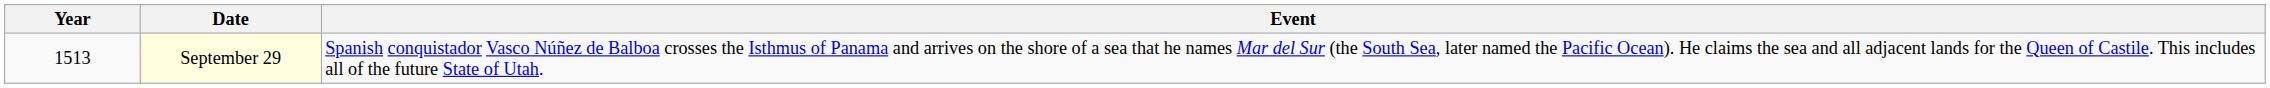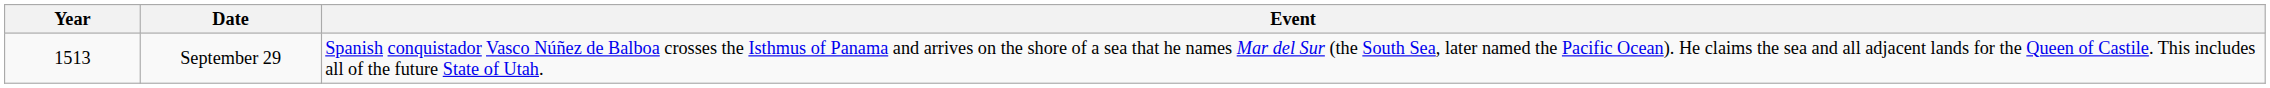 <table class="wikitable" style="width:100%;">
 <tr>
 <th style="width:6%">Year</th>
 <th style="width:8%">Date</th>
 <th style="width:86%">Event</th>
 </tr>
 <tr>
 <td align=center>1513</td>
-<td align=center style="background: lightyellow;">September 29</td>
+<td align=center>September 29</td>
 <td><a href='#'>Spanish</a> <a href='#'>conquistador</a> <a href='#'>Vasco Núñez de Balboa</a> crosses the <a href='#'>Isthmus of Panama</a> and arrives on the shore of a sea that he names <em><a href='#'>Mar del Sur</a></em> (the <a href='#'>South Sea</a>, later named the <a href='#'>Pacific Ocean</a>).  He claims the sea and all adjacent lands for the <a href='#'>Queen of Castile</a>.  This includes all of the future <a href='#'>State of Utah</a>.</td>
 </tr>
 </table>
